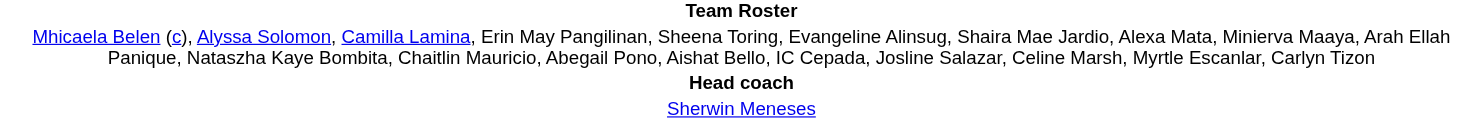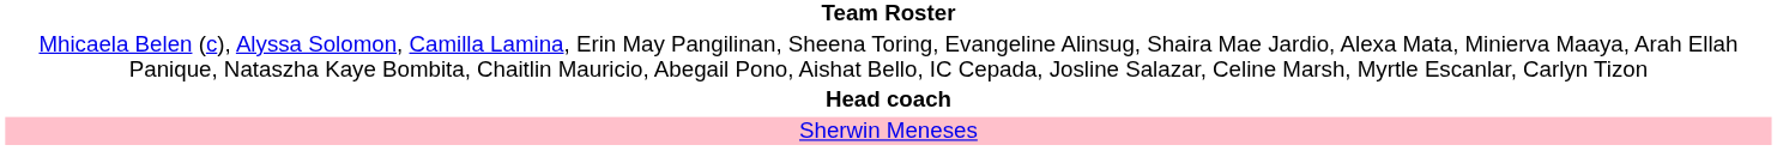 <table style="text-align:center; margin-top:2em; margin-left:auto; margin-right:auto">
 <tr>
 <td><strong>Team Roster</strong></td>
 </tr>
 <tr>
 <td><a href='#'>Mhicaela Belen</a> (<a href='#'>c</a>), <a href='#'>Alyssa Solomon</a>, <a href='#'>Camilla Lamina</a>, Erin May Pangilinan, Sheena Toring, Evangeline Alinsug, Shaira Mae Jardio, Alexa Mata, Minierva Maaya, Arah Ellah Panique, Nataszha Kaye Bombita, Chaitlin Mauricio, Abegail Pono, Aishat Bello, IC Cepada, Josline Salazar, Celine Marsh, Myrtle Escanlar, Carlyn Tizon</td>
 </tr>
 <tr>
 <td><strong>Head coach</strong></td>
 </tr>
 <tr>
-<td><a href='#'>Sherwin Meneses</a></td>
+<td style="background: pink;"><a href='#'>Sherwin Meneses</a></td>
 </tr>
 </table>
